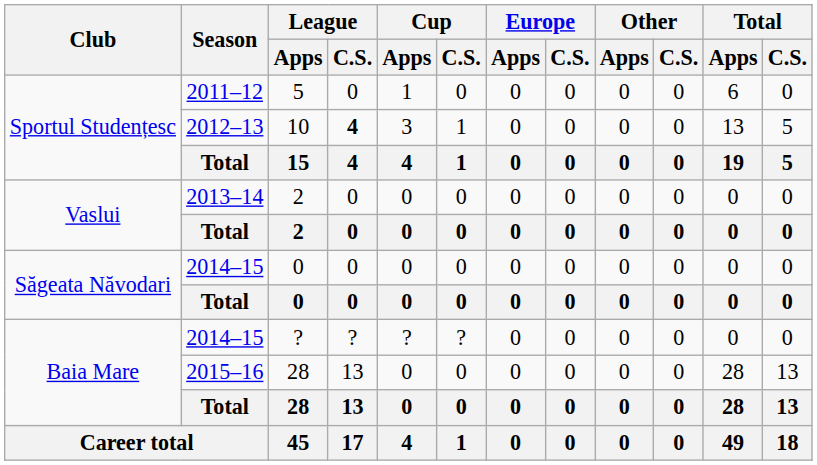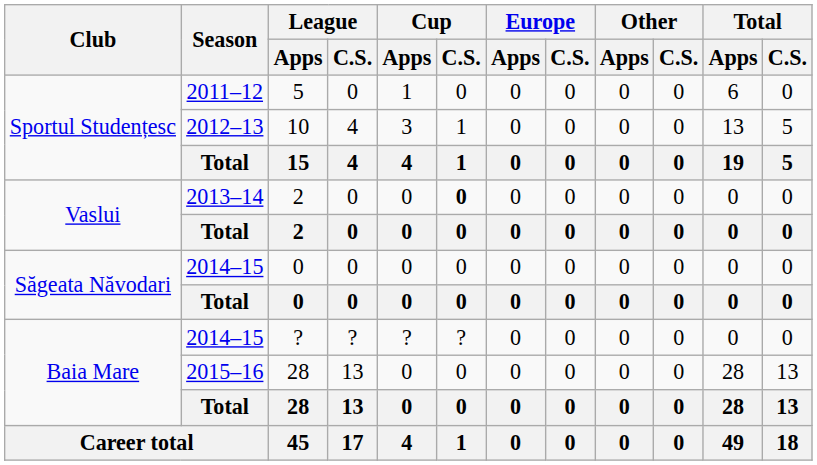 <table class="wikitable" style="text-align: center;">
 <tr>
 <th rowspan="2">Club</th>
 <th rowspan="2">Season</th>
 <th colspan="2">League</th>
 <th colspan="2">Cup</th>
 <th colspan="2"><a href='#'>Europe</a></th>
 <th colspan="2">Other</th>
 <th colspan="2">Total</th>
 </tr>
 <tr>
 <th>Apps</th>
 <th>C.S.</th>
 <th>Apps</th>
 <th>C.S.</th>
 <th>Apps</th>
 <th>C.S.</th>
 <th>Apps</th>
 <th>C.S.</th>
 <th>Apps</th>
 <th>C.S.</th>
 </tr>
 <tr>
 <td rowspan="3"><a href='#'>Sportul Studențesc</a></td>
 <td><a href='#'>2011–12</a></td>
 <td>5</td>
 <td>0</td>
 <td>1</td>
 <td>0</td>
 <td>0</td>
 <td>0</td>
 <td>0</td>
 <td>0</td>
 <td>6</td>
 <td>0</td>
 </tr>
 <tr>
 <td><a href='#'>2012–13</a></td>
 <td>10</td>
-<td><strong>4</strong></td>
+<td>4</td>
 <td>3</td>
 <td>1</td>
 <td>0</td>
 <td>0</td>
 <td>0</td>
 <td>0</td>
 <td>13</td>
 <td>5</td>
 </tr>
 <tr>
 <th>Total</th>
 <th>15</th>
 <th>4</th>
 <th>4</th>
 <th>1</th>
 <th>0</th>
 <th>0</th>
 <th>0</th>
 <th>0</th>
 <th>19</th>
 <th>5</th>
 </tr>
 <tr>
 <td rowspan="2"><a href='#'>Vaslui</a></td>
 <td><a href='#'>2013–14</a></td>
 <td>2</td>
 <td>0</td>
 <td>0</td>
-<td>0</td>
+<td><strong>0</strong></td>
 <td>0</td>
 <td>0</td>
 <td>0</td>
 <td>0</td>
 <td>0</td>
 <td>0</td>
 </tr>
 <tr>
 <th>Total</th>
 <th>2</th>
 <th>0</th>
 <th>0</th>
 <th>0</th>
 <th>0</th>
 <th>0</th>
 <th>0</th>
 <th>0</th>
 <th>0</th>
 <th>0</th>
 </tr>
 <tr>
 <td rowspan="2"><a href='#'>Săgeata Năvodari</a></td>
 <td><a href='#'>2014–15</a></td>
 <td>0</td>
 <td>0</td>
 <td>0</td>
 <td>0</td>
 <td>0</td>
 <td>0</td>
 <td>0</td>
 <td>0</td>
 <td>0</td>
 <td>0</td>
 </tr>
 <tr>
 <th>Total</th>
 <th>0</th>
 <th>0</th>
 <th>0</th>
 <th>0</th>
 <th>0</th>
 <th>0</th>
 <th>0</th>
 <th>0</th>
 <th>0</th>
 <th>0</th>
 </tr>
 <tr>
 <td rowspan="3"><a href='#'>Baia Mare</a></td>
 <td><a href='#'>2014–15</a></td>
 <td>?</td>
 <td>?</td>
 <td>?</td>
 <td>?</td>
 <td>0</td>
 <td>0</td>
 <td>0</td>
 <td>0</td>
 <td>0</td>
 <td>0</td>
 </tr>
 <tr>
 <td><a href='#'>2015–16</a></td>
 <td>28</td>
 <td>13</td>
 <td>0</td>
 <td>0</td>
 <td>0</td>
 <td>0</td>
 <td>0</td>
 <td>0</td>
 <td>28</td>
 <td>13</td>
 </tr>
 <tr>
 <th>Total</th>
 <th>28</th>
 <th>13</th>
 <th>0</th>
 <th>0</th>
 <th>0</th>
 <th>0</th>
 <th>0</th>
 <th>0</th>
 <th>28</th>
 <th>13</th>
 </tr>
 <tr>
 <th colspan="2">Career total</th>
 <th>45</th>
 <th>17</th>
 <th>4</th>
 <th>1</th>
 <th>0</th>
 <th>0</th>
 <th>0</th>
 <th>0</th>
 <th>49</th>
 <th>18</th>
 </tr>
 </table>
